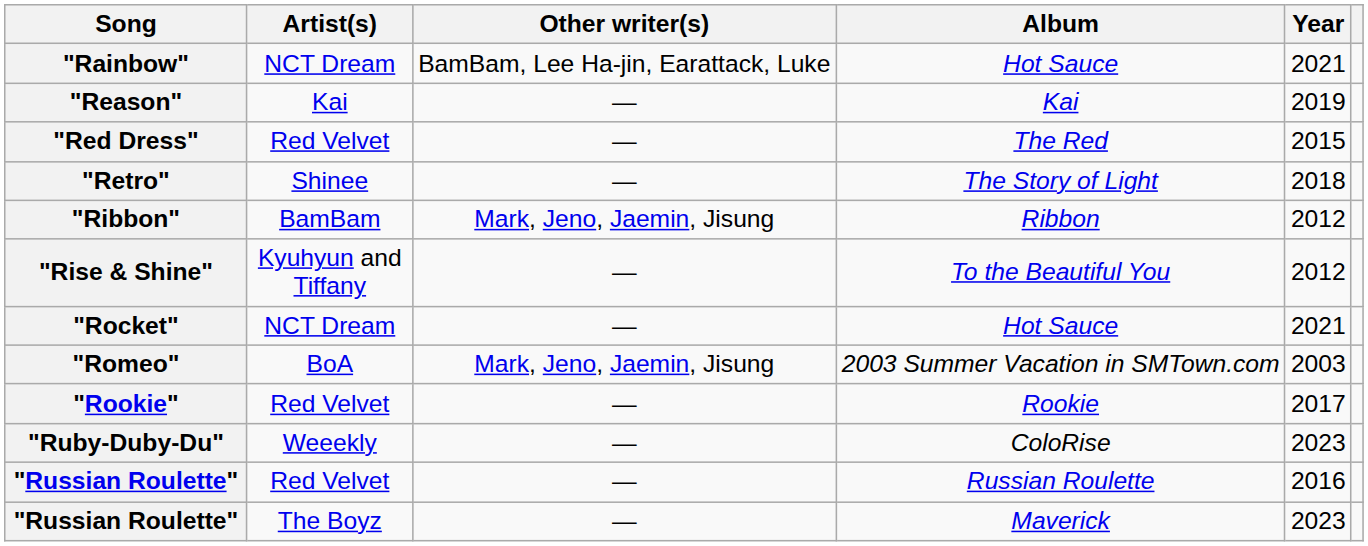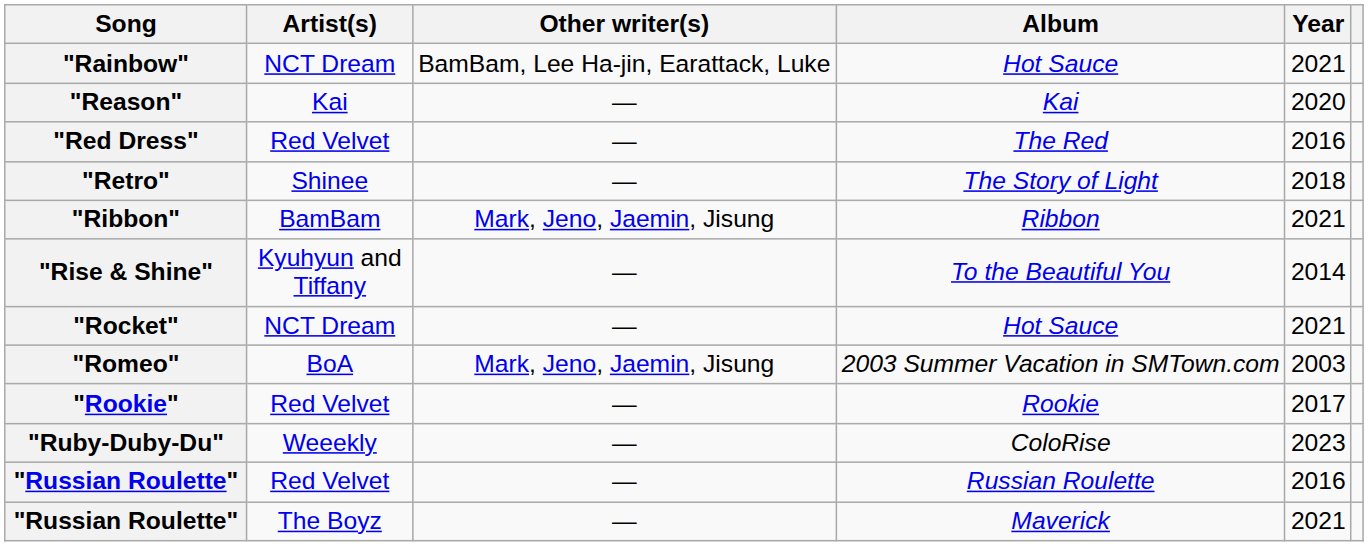 <table class="wikitable sortable plainrowheaders" style="text-align:center;">
 <tr>
 <th scope="col" width="150">Song</th>
 <th scope="col" width="100">Artist(s)</th>
 <th scope="col" class="unsortable">Other writer(s)</th>
 <th scope="col" data-sort-type="text">Album</th>
 <th scope="col">Year</th>
 <th scope="col" class="unsortable"></th>
 </tr>
 <tr>
 <th scope="row">"Rainbow"</th>
 <td><a href='#'>NCT Dream</a></td>
 <td>BamBam, Lee Ha-jin, Earattack, Luke</td>
 <td><em><a href='#'>Hot Sauce</a></em></td>
 <td>2021</td>
 <td style="text-align:center;"></td>
 </tr>
 <tr>
 <th scope="row">"Reason"</th>
 <td><a href='#'>Kai</a></td>
 <td>—</td>
 <td><em><a href='#'>Kai</a></em></td>
-<td>2019</td>
+<td>2020</td>
 <td style="text-align:center;"></td>
 </tr>
 <tr>
 <th scope="row">"Red Dress"</th>
 <td><a href='#'>Red Velvet</a></td>
 <td>—</td>
 <td><em><a href='#'>The Red</a></em></td>
-<td>2015</td>
+<td>2016</td>
 <td style="text-align:center;"></td>
 </tr>
 <tr>
 <th scope="row">"Retro"</th>
 <td><a href='#'>Shinee</a></td>
 <td>—</td>
 <td><em><a href='#'>The Story of Light</a></em></td>
 <td>2018</td>
 <td style="text-align:center;"></td>
 </tr>
 <tr>
 <th scope="row">"Ribbon"</th>
 <td><a href='#'>BamBam</a></td>
 <td><a href='#'>Mark</a>, <a href='#'>Jeno</a>, <a href='#'>Jaemin</a>, Jisung</td>
 <td><em><a href='#'>Ribbon</a></em></td>
-<td>2012</td>
+<td>2021</td>
 <td style="text-align:center;"></td>
 </tr>
 <tr>
 <th scope="row">"Rise & Shine"</th>
 <td><a href='#'>Kyuhyun</a> and <a href='#'>Tiffany</a></td>
 <td>—</td>
 <td><em><a href='#'>To the Beautiful You</a></em></td>
-<td>2012</td>
+<td>2014</td>
 <td style="text-align:center;"></td>
 </tr>
 <tr>
 <th scope="row">"Rocket"</th>
 <td><a href='#'>NCT Dream</a></td>
 <td>—</td>
 <td><em><a href='#'>Hot Sauce</a></em></td>
 <td>2021</td>
 <td style="text-align:center;"></td>
 </tr>
 <tr>
 <th scope="row">"Romeo"</th>
 <td><a href='#'>BoA</a></td>
 <td><a href='#'>Mark</a>, <a href='#'>Jeno</a>, <a href='#'>Jaemin</a>, Jisung</td>
 <td><em>2003 Summer Vacation in SMTown.com</em></td>
 <td>2003</td>
 <td style="text-align:center;"></td>
 </tr>
 <tr>
 <th scope="row">"<a href='#'>Rookie</a>"</th>
 <td><a href='#'>Red Velvet</a></td>
 <td>—</td>
 <td><em><a href='#'>Rookie</a></em></td>
 <td>2017</td>
 <td style="text-align:center;"></td>
 </tr>
 <tr>
 <th scope="row">"Ruby-Duby-Du"</th>
 <td><a href='#'>Weeekly</a></td>
 <td>—</td>
 <td><em>ColoRise</em></td>
 <td>2023</td>
 <td style="text-align:center;"></td>
 </tr>
 <tr>
 <th scope="row">"<a href='#'>Russian Roulette</a>"</th>
 <td><a href='#'>Red Velvet</a></td>
 <td>—</td>
 <td><em><a href='#'>Russian Roulette</a></em></td>
 <td>2016</td>
 <td style="text-align:center;"></td>
 </tr>
 <tr>
 <th scope="row">"Russian Roulette"</th>
 <td><a href='#'>The Boyz</a></td>
 <td>—</td>
 <td><em><a href='#'>Maverick</a></em></td>
-<td>2023</td>
+<td>2021</td>
 <td style="text-align:center;"></td>
 </tr>
 </table>
